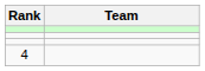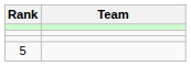 <table class=wikitable style="text-align:center;">
 <tr>
 <th>Rank</th>
 <th width=180>Team</th>
 </tr>
 <tr bgcolor=ccffcc>
 <td></td>
 <td align=left></td>
 </tr>
 <tr>
 <td></td>
 <td align=left></td>
 </tr>
 <tr>
 <td></td>
 <td align=left></td>
 </tr>
 <tr>
-<td>4</td>
+<td>5</td>
 <td align=left></td>
 </tr>
 </table>
